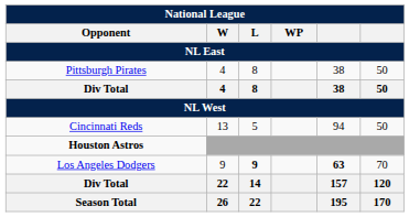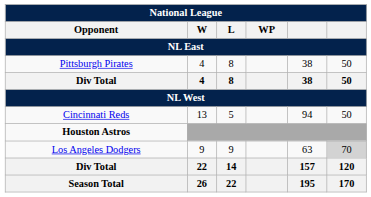 <table class="wikitable" style="margin:1em auto; font-size:95%; text-align:center; width:35em;">
 <tr>
 <th colspan="7" style="background:#03224c; color:#ffffff;">National League</th>
 </tr>
 <tr>
 <th>Opponent</th>
 <th>W</th>
 <th>L</th>
 <th>WP</th>
 <th></th>
 <th></th>
 </tr>
 <tr>
 <th colspan="7" style="background:#03224c; color:#ffffff;">NL East</th>
 </tr>
 <tr>
 <td><a href='#'><span>Pittsburgh Pirates</span></a></td>
 <td>4</td>
 <td>8</td>
 <td></td>
 <td>38</td>
 <td>50</td>
 </tr>
 <tr>
 <th>Div Total</th>
 <th>4</th>
 <th>8</th>
 <th></th>
 <th>38</th>
 <th>50</th>
 </tr>
 <tr>
 <th colspan="7" style="background:#03224c; color:#ffffff;">NL West</th>
 </tr>
 <tr>
 <td><a href='#'><span>Cincinnati Reds</span></a></td>
 <td>13</td>
 <td>5</td>
 <td></td>
 <td>94</td>
 <td>50</td>
 </tr>
 <tr>
 <td><span><strong>Houston Astros</strong></span></td>
 <td colspan=5 style="background:darkgray;"></td>
 </tr>
 <tr>
 <td><a href='#'><span>Los Angeles Dodgers</span></a></td>
 <td>9</td>
-<td><strong>9</strong></td>
+<td>9</td>
 <td></td>
-<td><strong>63</strong></td>
-<td>70</td>
+<td>63</td>
+<td style="background: lightgrey;">70</td>
 </tr>
 <tr>
 <th>Div Total</th>
 <th>22</th>
 <th>14</th>
 <th></th>
 <th>157</th>
 <th>120</th>
 </tr>
 <tr>
 <th>Season Total</th>
 <th>26</th>
 <th>22</th>
 <th></th>
 <th>195</th>
 <th>170</th>
 </tr>
 </table>
